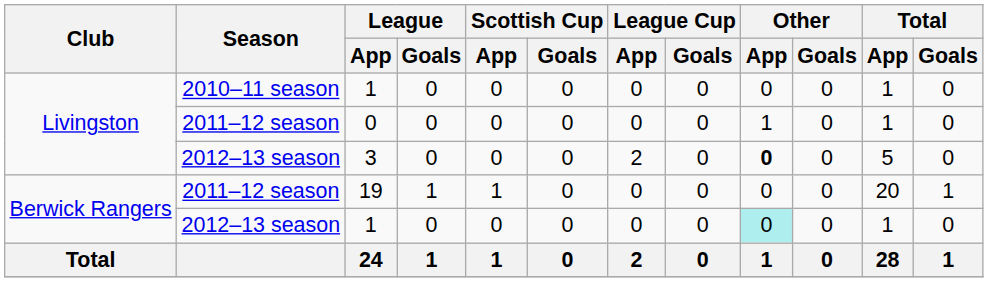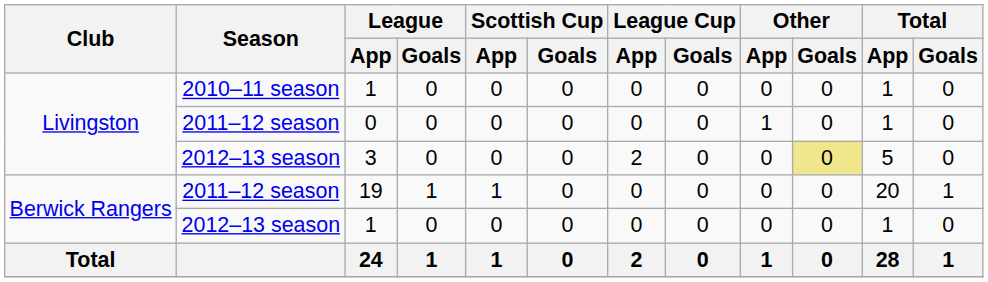 <table class="wikitable">
 <tr>
 <th rowspan=2>Club</th>
 <th rowspan=2>Season</th>
 <th colspan=2>League</th>
 <th colspan=2>Scottish Cup</th>
 <th colspan=2>League Cup</th>
 <th colspan=2>Other</th>
 <th colspan=2>Total</th>
 </tr>
 <tr>
 <th>App</th>
 <th>Goals</th>
 <th>App</th>
 <th>Goals</th>
 <th>App</th>
 <th>Goals</th>
 <th>App</th>
 <th>Goals</th>
 <th>App</th>
 <th>Goals</th>
 </tr>
 <tr align=center>
 <td rowspan=3><a href='#'>Livingston</a></td>
 <td><a href='#'>2010–11 season</a></td>
 <td>1</td>
 <td>0</td>
 <td>0</td>
 <td>0</td>
 <td>0</td>
 <td>0</td>
 <td>0</td>
 <td>0</td>
 <td>1</td>
 <td>0</td>
 </tr>
 <tr align=center>
 <td><a href='#'>2011–12 season</a></td>
 <td>0</td>
 <td>0</td>
 <td>0</td>
 <td>0</td>
 <td>0</td>
 <td>0</td>
 <td>1</td>
 <td>0</td>
 <td>1</td>
 <td>0</td>
 </tr>
 <tr align=center>
 <td><a href='#'>2012–13 season</a></td>
 <td>3</td>
 <td>0</td>
 <td>0</td>
 <td>0</td>
 <td>2</td>
 <td>0</td>
-<td><strong>0</strong></td>
 <td>0</td>
+<td style="background: khaki;">0</td>
 <td>5</td>
 <td>0</td>
 </tr>
 <tr align=center>
 <td rowspan=2><a href='#'>Berwick Rangers</a></td>
 <td><a href='#'>2011–12 season</a></td>
 <td>19</td>
 <td>1</td>
 <td>1</td>
 <td>0</td>
 <td>0</td>
 <td>0</td>
 <td>0</td>
 <td>0</td>
 <td>20</td>
 <td>1</td>
 </tr>
 <tr align=center>
 <td><a href='#'>2012–13 season</a></td>
 <td>1</td>
 <td>0</td>
 <td>0</td>
 <td>0</td>
 <td>0</td>
 <td>0</td>
-<td style="background: paleturquoise;">0</td>
+<td>0</td>
 <td>0</td>
 <td>1</td>
 <td>0</td>
 </tr>
 <tr align=center>
 <th>Total</th>
 <th></th>
 <th>24</th>
 <th>1</th>
 <th>1</th>
 <th>0</th>
 <th>2</th>
 <th>0</th>
 <th>1</th>
 <th>0</th>
 <th>28</th>
 <th>1</th>
 </tr>
 <tr>
 </tr>
 </table>
